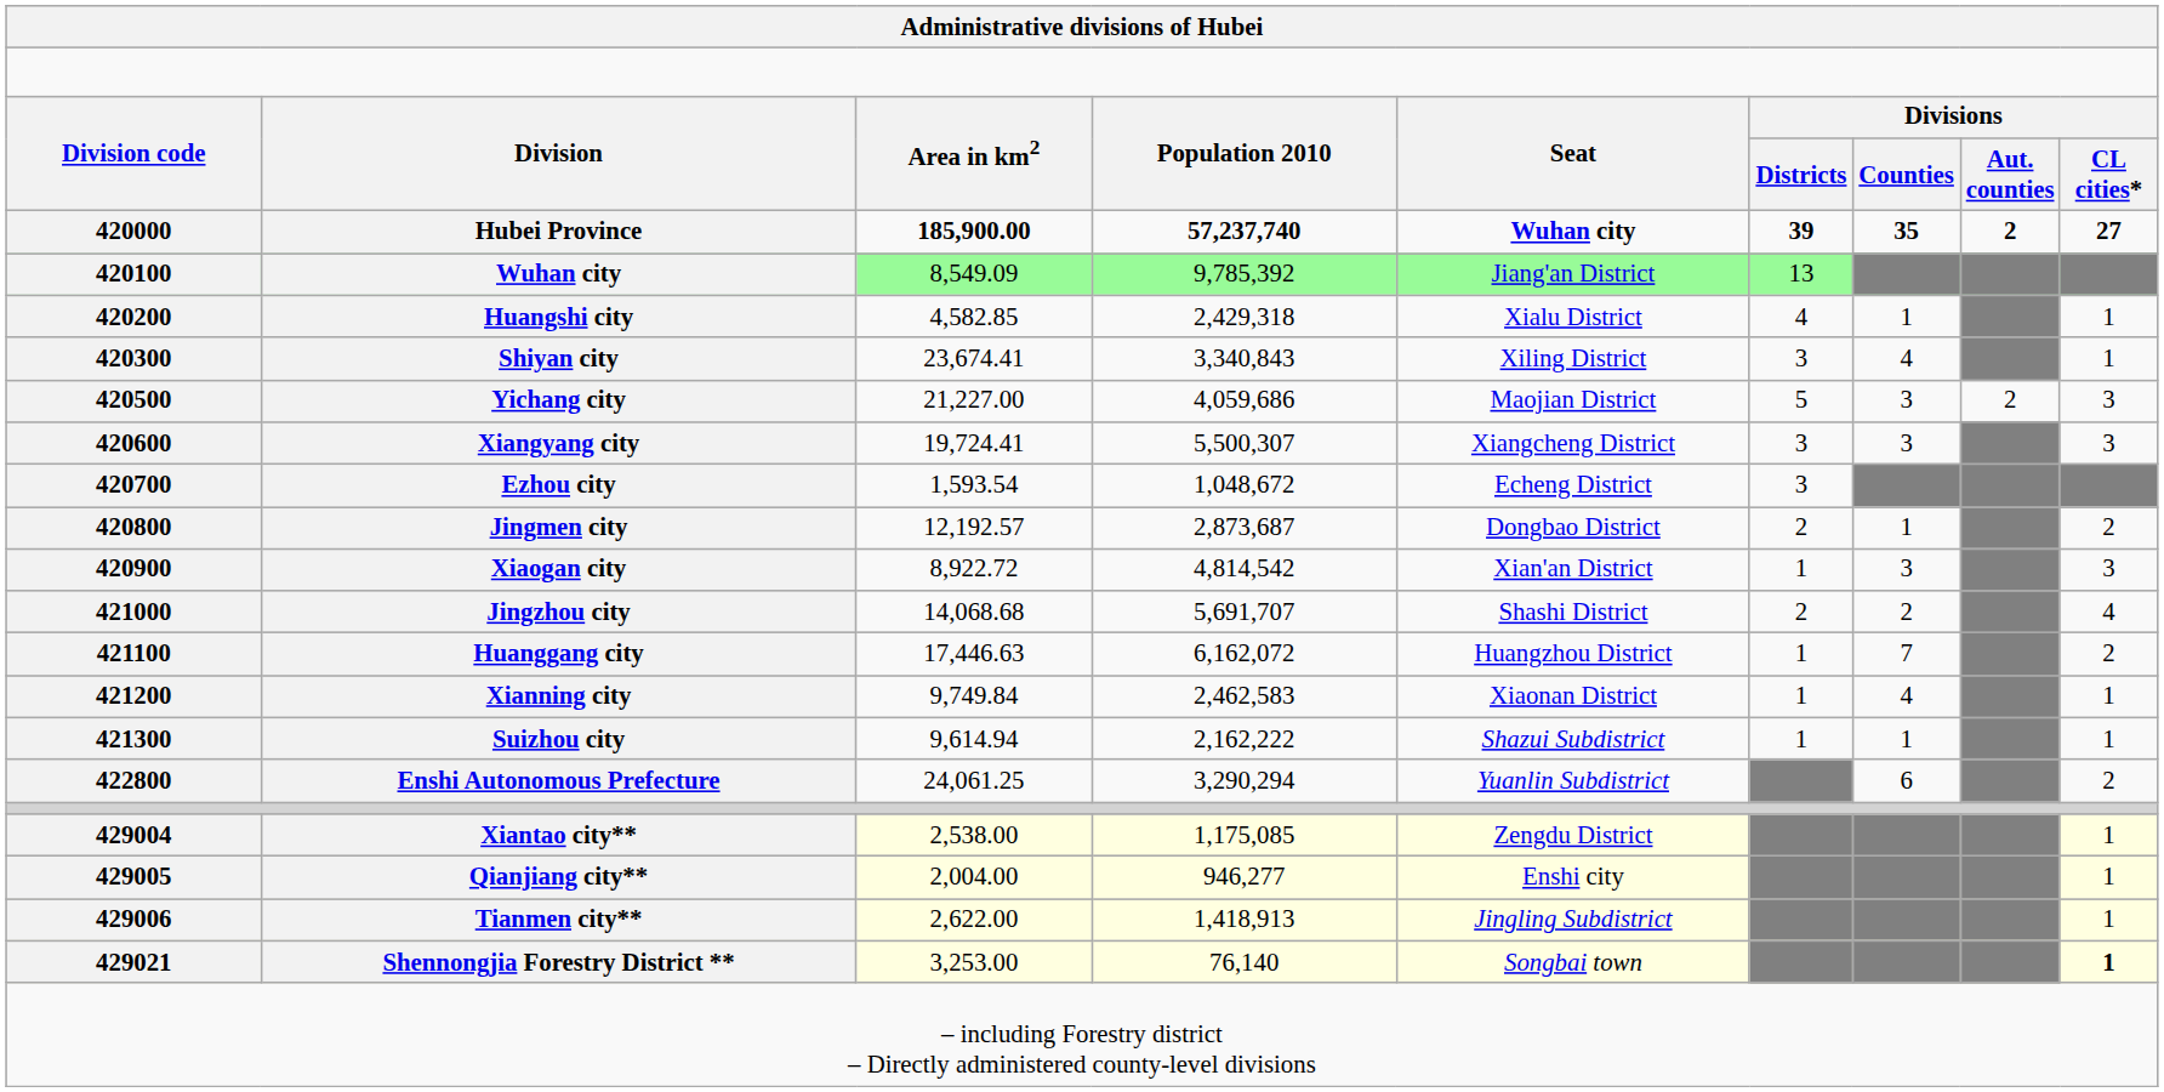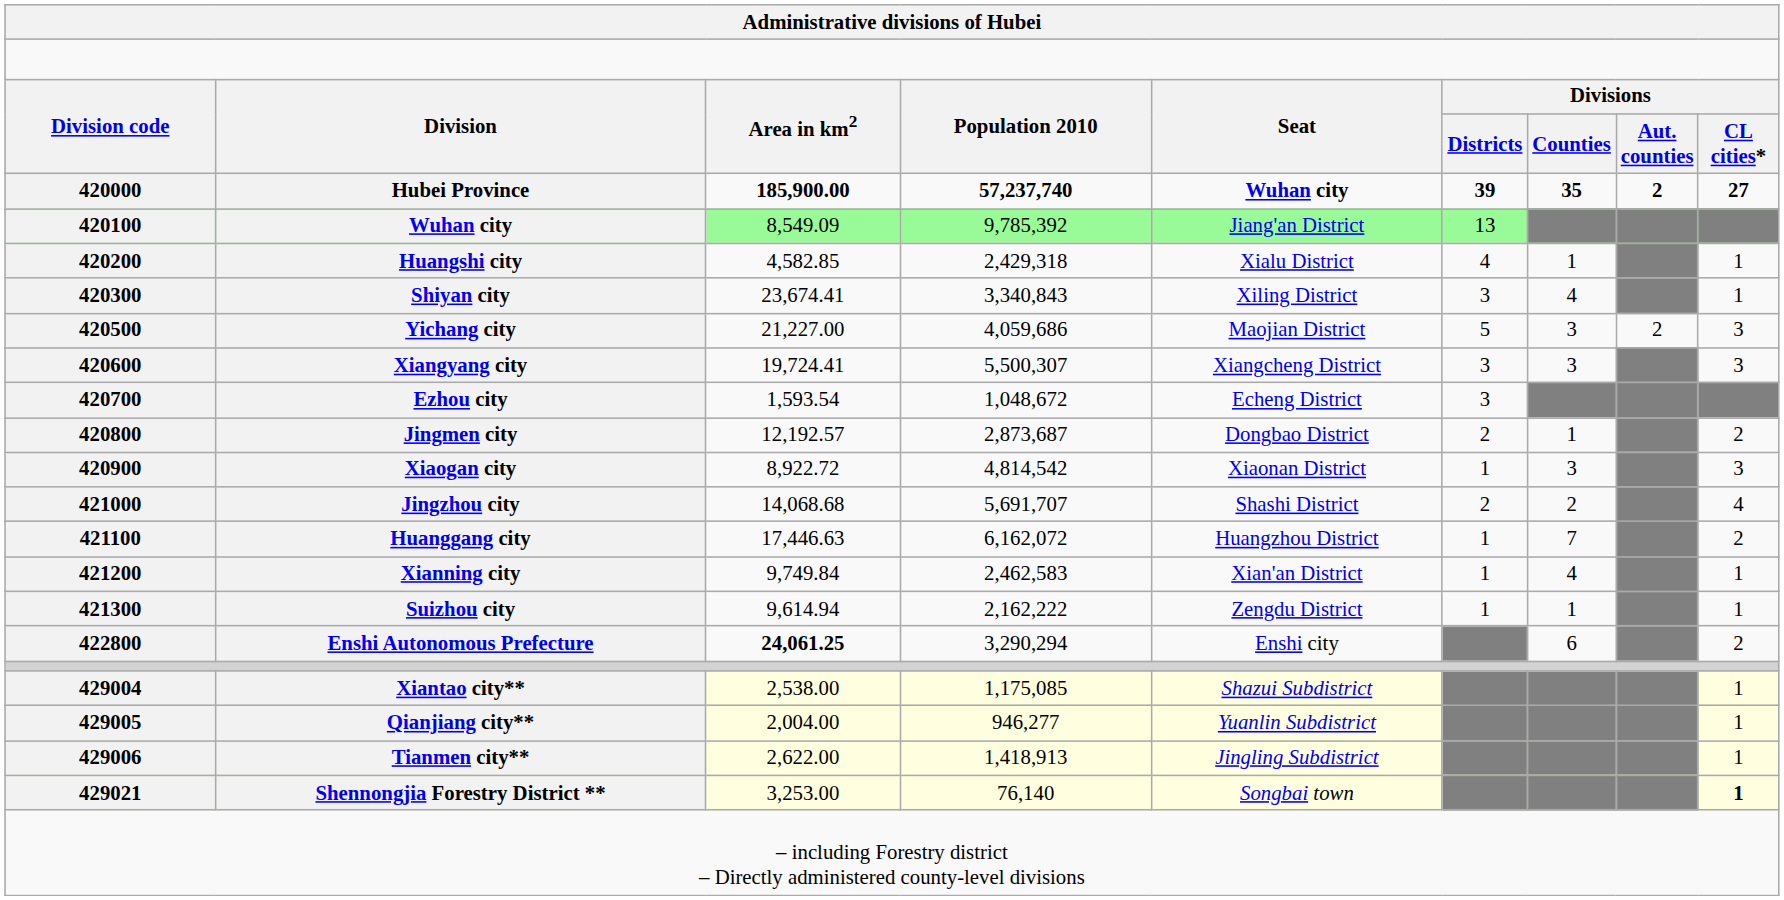 <table class="wikitable" style="margin:1em auto 1em auto; width:90%; font-size:smaller; text-align:center">
 <tr>
 <th colspan="9">Administrative divisions of Hubei</th>
 </tr>
 <tr>
 <td colspan="9" style="font-size:larger"><div><br>                    </div></td>
 </tr>
 <tr>
 <th ! scope="col" rowspan="2"><a href='#'>Division code</a></th>
 <th ! scope="col" rowspan="2">Division</th>
 <th ! scope="col" rowspan="2">Area in km<sup>2</sup></th>
 <th ! scope="col" rowspan="2">Population 2010</th>
 <th ! scope="col" rowspan="2">Seat</th>
 <th ! scope="col" colspan="4">Divisions</th>
 </tr>
 <tr>
 <th ! scope="col" width="45"><a href='#'>Districts</a></th>
 <th ! scope="col" width="45"><a href='#'>Counties</a></th>
 <th ! scope="col" width="45"><a href='#'>Aut. counties</a></th>
 <th ! scope="col" width="45"><a href='#'>CL cities</a>*</th>
 </tr>
 <tr style="font-weight: bold">
 <th>420000</th>
 <th>Hubei Province</th>
 <td>185,900.00</td>
 <td>57,237,740</td>
 <td><a href='#'>Wuhan</a> city</td>
 <td>39</td>
 <td>35</td>
 <td>2</td>
 <td>27</td>
 </tr>
 <tr bgcolor="#98FB98">
 <th>420100</th>
 <th><a href='#'>Wuhan</a> city</th>
 <td>8,549.09</td>
 <td>9,785,392</td>
 <td><a href='#'>Jiang'an District</a></td>
 <td>13</td>
 <td bgcolor="grey"></td>
 <td bgcolor="grey"></td>
 <td bgcolor="grey"></td>
 </tr>
 <tr>
 <th>420200</th>
 <th><a href='#'>Huangshi</a> city</th>
 <td>4,582.85</td>
 <td>2,429,318</td>
 <td><a href='#'>Xialu District</a></td>
 <td>4</td>
 <td>1</td>
 <td bgcolor="grey"></td>
 <td>1</td>
 </tr>
 <tr>
 <th>420300</th>
 <th><a href='#'>Shiyan</a> city</th>
 <td>23,674.41</td>
 <td>3,340,843</td>
 <td><a href='#'>Xiling District</a></td>
 <td>3</td>
 <td>4</td>
 <td bgcolor="grey"></td>
 <td>1</td>
 </tr>
 <tr>
 <th>420500</th>
 <th><a href='#'>Yichang</a> city</th>
 <td>21,227.00</td>
 <td>4,059,686</td>
 <td><a href='#'>Maojian District</a></td>
 <td>5</td>
 <td>3</td>
 <td>2</td>
 <td>3</td>
 </tr>
 <tr>
 <th>420600</th>
 <th><a href='#'>Xiangyang</a> city</th>
 <td>19,724.41</td>
 <td>5,500,307</td>
 <td><a href='#'>Xiangcheng District</a></td>
 <td>3</td>
 <td>3</td>
 <td bgcolor="grey"></td>
 <td>3</td>
 </tr>
 <tr>
 <th>420700</th>
 <th><a href='#'>Ezhou</a> city</th>
 <td>1,593.54</td>
 <td>1,048,672</td>
 <td><a href='#'>Echeng District</a></td>
 <td>3</td>
 <td bgcolor="grey"></td>
 <td bgcolor="grey"></td>
 <td bgcolor="grey"></td>
 </tr>
 <tr>
 <th>420800</th>
 <th><a href='#'>Jingmen</a> city</th>
 <td>12,192.57</td>
 <td>2,873,687</td>
 <td><a href='#'>Dongbao District</a></td>
 <td>2</td>
 <td>1</td>
 <td bgcolor="grey"></td>
 <td>2</td>
 </tr>
 <tr>
 <th>420900</th>
 <th><a href='#'>Xiaogan</a> city</th>
 <td>8,922.72</td>
 <td>4,814,542</td>
-<td><a href='#'>Xian'an District</a></td>
+<td><a href='#'>Xiaonan District</a></td>
 <td>1</td>
 <td>3</td>
 <td bgcolor="grey"></td>
 <td>3</td>
 </tr>
 <tr>
 <th>421000</th>
 <th><a href='#'>Jingzhou</a> city</th>
 <td>14,068.68</td>
 <td>5,691,707</td>
 <td><a href='#'>Shashi District</a></td>
 <td>2</td>
 <td>2</td>
 <td bgcolor="grey"></td>
 <td>4</td>
 </tr>
 <tr>
 <th>421100</th>
 <th><a href='#'>Huanggang</a> city</th>
 <td>17,446.63</td>
 <td>6,162,072</td>
 <td><a href='#'>Huangzhou District</a></td>
 <td>1</td>
 <td>7</td>
 <td bgcolor="grey"></td>
 <td>2</td>
 </tr>
 <tr>
 <th>421200</th>
 <th><a href='#'>Xianning</a> city</th>
 <td>9,749.84</td>
 <td>2,462,583</td>
-<td><a href='#'>Xiaonan District</a></td>
+<td><a href='#'>Xian'an District</a></td>
 <td>1</td>
 <td>4</td>
 <td bgcolor="grey"></td>
 <td>1</td>
 </tr>
 <tr>
 <th>421300</th>
 <th><a href='#'>Suizhou</a> city</th>
 <td>9,614.94</td>
 <td>2,162,222</td>
-<td><em><a href='#'>Shazui Subdistrict</a></em></td>
+<td><a href='#'>Zengdu District</a></td>
 <td>1</td>
 <td>1</td>
 <td bgcolor="grey"></td>
 <td>1</td>
 </tr>
 <tr>
 <th>422800</th>
 <th><a href='#'>Enshi Autonomous Prefecture</a></th>
-<td>24,061.25</td>
+<td><strong>24,061.25</strong></td>
 <td>3,290,294</td>
-<td><a href='#'><em>Yuanlin Subdistrict</em></a></td>
+<td><a href='#'>Enshi</a> city</td>
 <td bgcolor="grey"></td>
 <td>6</td>
 <td bgcolor="grey"></td>
 <td>2</td>
 </tr>
 <tr style="background:lightgrey; height: 2pt">
 <td colspan="12"></td>
 </tr>
 <tr bgcolor="lightyellow">
 <th>429004</th>
 <th><a href='#'>Xiantao</a> city**</th>
 <td>2,538.00</td>
 <td>1,175,085</td>
-<td><a href='#'>Zengdu District</a></td>
+<td><em><a href='#'>Shazui Subdistrict</a></em></td>
 <td bgcolor="grey"></td>
 <td bgcolor="grey"></td>
 <td bgcolor="grey"></td>
 <td>1</td>
 </tr>
 <tr bgcolor="lightyellow">
 <th>429005</th>
 <th><a href='#'>Qianjiang</a> city**</th>
 <td>2,004.00</td>
 <td>946,277</td>
-<td><a href='#'>Enshi</a> city</td>
+<td><a href='#'><em>Yuanlin Subdistrict</em></a></td>
 <td bgcolor="grey"></td>
 <td bgcolor="grey"></td>
 <td bgcolor="grey"></td>
 <td>1</td>
 </tr>
 <tr bgcolor="lightyellow">
 <th>429006</th>
 <th><a href='#'>Tianmen</a> city**</th>
 <td>2,622.00</td>
 <td>1,418,913</td>
 <td><em><a href='#'>Jingling Subdistrict</a></em></td>
 <td bgcolor="grey"></td>
 <td bgcolor="grey"></td>
 <td bgcolor="grey"></td>
 <td>1</td>
 </tr>
 <tr bgcolor="lightyellow">
 <th>429021</th>
 <th><a href='#'>Shennongjia</a> Forestry District **</th>
 <td>3,253.00</td>
 <td>76,140</td>
 <td><em><a href='#'>Songbai</a> town</em></td>
 <td bgcolor="grey"></td>
 <td bgcolor="grey"></td>
 <td bgcolor="grey"></td>
 <td><strong>1</strong></td>
 </tr>
 <tr>
 <td colspan="12"><br> – including Forestry district<br> – Directly administered county-level divisions</td>
 </tr>
 </table>
